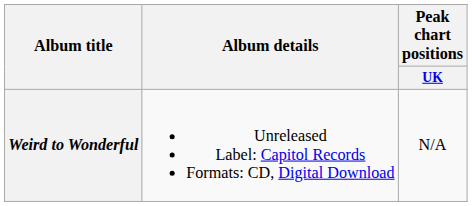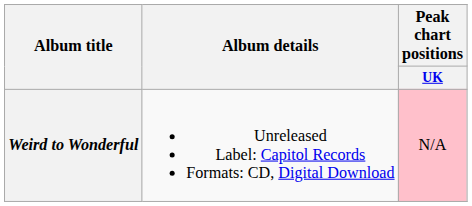 <table class="wikitable plainrowheaders" style="text-align:center;">
 <tr>
 <th scope="col" rowspan="2">Album title</th>
 <th scope="col" rowspan="2">Album details</th>
 <th scope="col">Peak chart positions</th>
 </tr>
 <tr>
 <th scope="col" style="width:3em;font-size:85%;"><a href='#'>UK</a></th>
 </tr>
 <tr>
 <th scope="row"><em>Weird to Wonderful</em></th>
 <td><br><ul><li>Unreleased</li><li>Label: <a href='#'>Capitol Records</a></li><li>Formats: CD, <a href='#'>Digital Download</a></li></ul></td>
-<td>N/A</td>
+<td style="background: pink;">N/A</td>
 </tr>
 </table>
